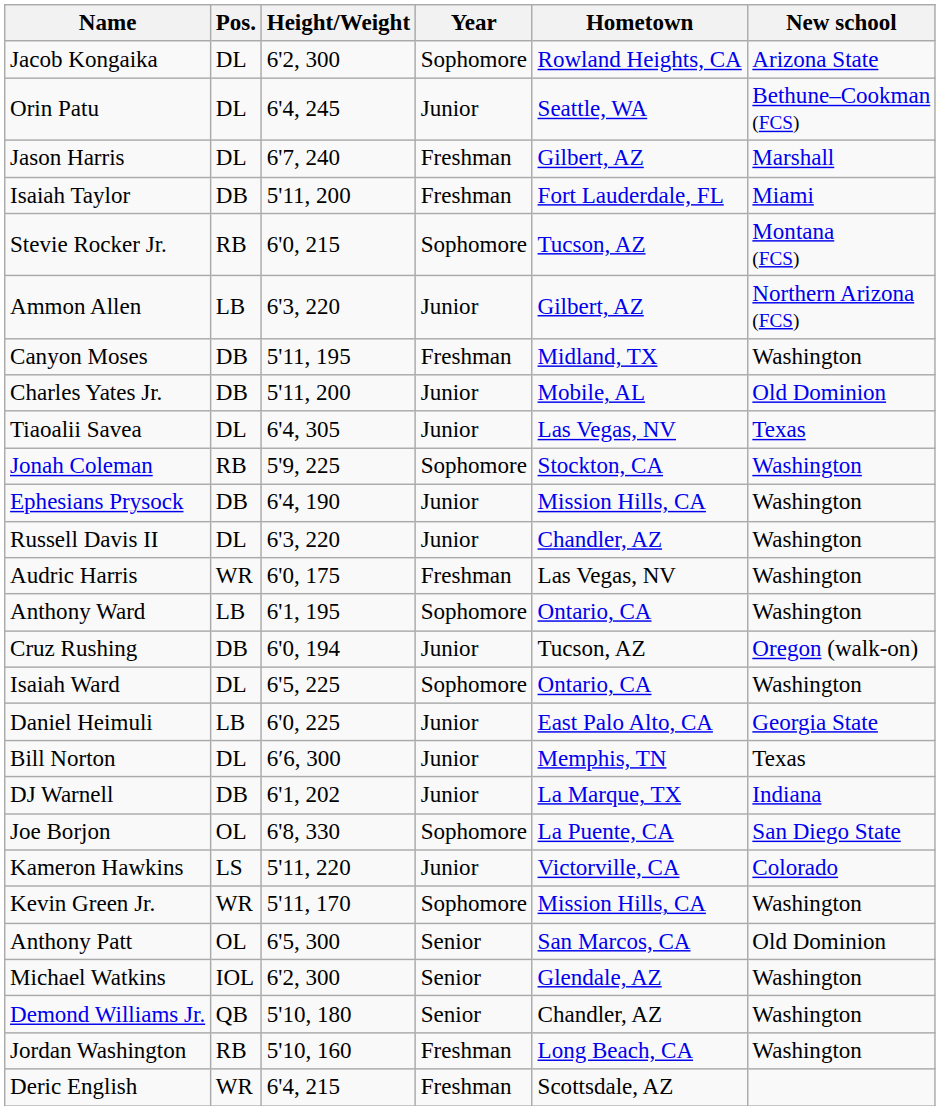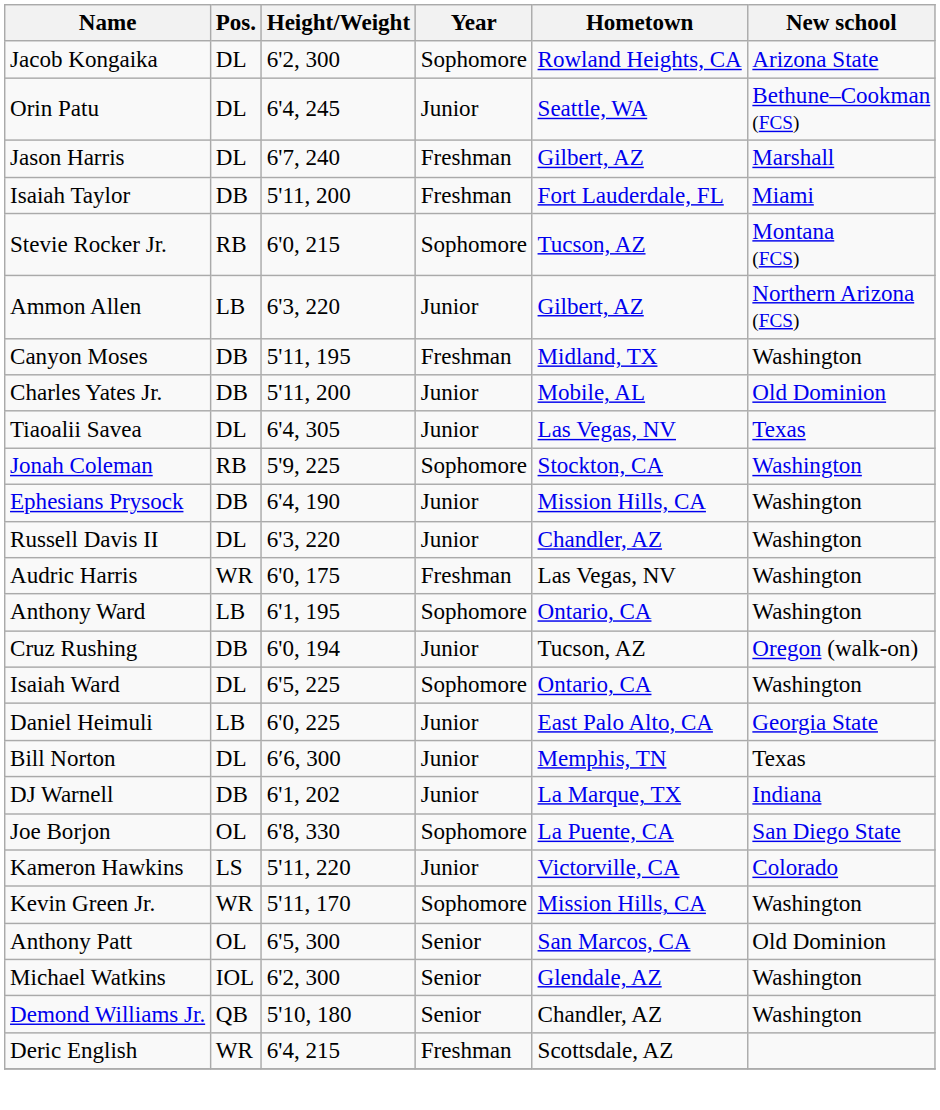 <table class="wikitable sortable">
 <tr>
 <th style="text-align:center; ">Name</th>
 <th style="text-align:center; ">Pos.</th>
 <th style="text-align:center;">Height/Weight</th>
 <th style="text-align:center; ">Year</th>
 <th style="text-align:center; ">Hometown</th>
 <th style="text-align:center; ">New school</th>
 </tr>
 <tr>
 <td>Jacob Kongaika</td>
 <td>DL</td>
 <td>6'2, 300</td>
 <td>Sophomore</td>
 <td><a href='#'>Rowland Heights, CA</a></td>
 <td><a href='#'>Arizona State</a></td>
 </tr>
 <tr>
 <td>Orin Patu</td>
 <td>DL</td>
 <td>6'4, 245</td>
 <td> Junior</td>
 <td><a href='#'>Seattle, WA</a></td>
 <td><a href='#'>Bethune–Cookman</a><br><small>(<a href='#'>FCS</a>)</small></td>
 </tr>
 <tr>
 <td>Jason Harris</td>
 <td>DL</td>
 <td>6'7, 240</td>
 <td> Freshman</td>
 <td><a href='#'>Gilbert, AZ</a></td>
 <td><a href='#'>Marshall</a></td>
 </tr>
 <tr>
 <td>Isaiah Taylor</td>
 <td>DB</td>
 <td>5'11, 200</td>
 <td> Freshman</td>
 <td><a href='#'>Fort Lauderdale, FL</a></td>
 <td><a href='#'>Miami</a></td>
 </tr>
 <tr>
 <td>Stevie Rocker Jr.</td>
 <td>RB</td>
 <td>6'0, 215</td>
 <td> Sophomore</td>
 <td><a href='#'>Tucson, AZ</a></td>
 <td><a href='#'>Montana</a><br><small>(<a href='#'>FCS</a>)</small></td>
 </tr>
 <tr>
 <td>Ammon Allen</td>
 <td>LB</td>
 <td>6'3, 220</td>
 <td>Junior</td>
 <td><a href='#'>Gilbert, AZ</a></td>
 <td><a href='#'>Northern Arizona</a><br><small>(<a href='#'>FCS</a>)</small></td>
 </tr>
 <tr>
 <td>Canyon Moses</td>
 <td>DB</td>
 <td>5'11, 195</td>
 <td>Freshman</td>
 <td><a href='#'>Midland, TX</a></td>
 <td>Washington</td>
 </tr>
 <tr>
 <td>Charles Yates Jr.</td>
 <td>DB</td>
 <td>5'11, 200</td>
 <td>Junior</td>
 <td><a href='#'>Mobile, AL</a></td>
 <td><a href='#'>Old Dominion</a></td>
 </tr>
 <tr>
 <td>Tiaoalii Savea</td>
 <td>DL</td>
 <td>6'4, 305</td>
 <td>Junior</td>
 <td><a href='#'>Las Vegas, NV</a></td>
 <td><a href='#'>Texas</a></td>
 </tr>
 <tr>
 <td><a href='#'>Jonah Coleman</a></td>
 <td>RB</td>
 <td>5'9, 225</td>
 <td>Sophomore</td>
 <td><a href='#'>Stockton, CA</a></td>
 <td><a href='#'>Washington</a></td>
 </tr>
 <tr>
 <td><a href='#'>Ephesians Prysock</a></td>
 <td>DB</td>
 <td>6'4, 190</td>
 <td>Junior</td>
 <td><a href='#'>Mission Hills, CA</a></td>
 <td>Washington</td>
 </tr>
 <tr>
 <td>Russell Davis II</td>
 <td>DL</td>
 <td>6'3, 220</td>
 <td>Junior</td>
 <td><a href='#'>Chandler, AZ</a></td>
 <td>Washington</td>
 </tr>
 <tr>
 <td>Audric Harris</td>
 <td>WR</td>
 <td>6'0, 175</td>
 <td>Freshman</td>
 <td>Las Vegas, NV</td>
 <td>Washington</td>
 </tr>
 <tr>
 <td>Anthony Ward</td>
 <td>LB</td>
 <td>6'1, 195</td>
 <td> Sophomore</td>
 <td><a href='#'>Ontario, CA</a></td>
 <td>Washington</td>
 </tr>
 <tr>
 <td>Cruz Rushing</td>
 <td>DB</td>
 <td>6'0, 194</td>
 <td>Junior</td>
 <td>Tucson, AZ</td>
 <td><a href='#'>Oregon</a> (walk-on)</td>
 </tr>
 <tr>
 <td>Isaiah Ward</td>
 <td>DL</td>
 <td>6'5, 225</td>
 <td> Sophomore</td>
 <td><a href='#'>Ontario, CA</a></td>
 <td>Washington</td>
 </tr>
 <tr>
 <td>Daniel Heimuli</td>
 <td>LB</td>
 <td>6'0, 225</td>
 <td>Junior</td>
 <td><a href='#'>East Palo Alto, CA</a></td>
 <td><a href='#'>Georgia State</a></td>
 </tr>
 <tr>
 <td>Bill Norton</td>
 <td>DL</td>
 <td>6′6, 300</td>
 <td>Junior</td>
 <td><a href='#'>Memphis, TN</a></td>
 <td>Texas</td>
 </tr>
 <tr>
 <td>DJ Warnell</td>
 <td>DB</td>
 <td>6'1, 202</td>
 <td>Junior</td>
 <td><a href='#'>La Marque, TX</a></td>
 <td><a href='#'>Indiana</a></td>
 </tr>
 <tr>
 <td>Joe Borjon</td>
 <td>OL</td>
 <td>6'8, 330</td>
 <td>Sophomore</td>
 <td><a href='#'>La Puente, CA</a></td>
 <td><a href='#'>San Diego State</a></td>
 </tr>
 <tr>
 <td>Kameron Hawkins</td>
 <td>LS</td>
 <td>5'11, 220</td>
 <td> Junior</td>
 <td><a href='#'>Victorville, CA</a></td>
 <td><a href='#'>Colorado</a></td>
 </tr>
 <tr>
 <td>Kevin Green Jr.</td>
 <td>WR</td>
 <td>5'11, 170</td>
 <td> Sophomore</td>
 <td><a href='#'>Mission Hills, CA</a></td>
 <td>Washington</td>
 </tr>
 <tr>
 <td>Anthony Patt</td>
 <td>OL</td>
 <td>6'5, 300</td>
 <td>Senior</td>
 <td><a href='#'>San Marcos, CA</a></td>
 <td>Old Dominion</td>
 </tr>
 <tr>
 <td>Michael Watkins</td>
 <td>IOL</td>
 <td>6'2, 300</td>
 <td>Senior</td>
 <td><a href='#'>Glendale, AZ</a></td>
 <td>Washington</td>
 </tr>
 <tr>
 <td><a href='#'>Demond Williams Jr.</a></td>
 <td>QB</td>
 <td>5'10, 180</td>
 <td>Senior</td>
 <td>Chandler, AZ</td>
 <td>Washington</td>
 </tr>
 <tr>
-<td>Jordan Washington</td>
-<td>RB</td>
-<td>5'10, 160</td>
-<td>Freshman</td>
-<td><a href='#'>Long Beach, CA</a></td>
-<td>Washington</td>
-</tr>
-<tr>
 <td>Deric English</td>
 <td>WR</td>
 <td>6'4, 215</td>
 <td>Freshman</td>
 <td>Scottsdale, AZ</td>
 <td></td>
 </tr>
 <tr>
 </tr>
 </table>
